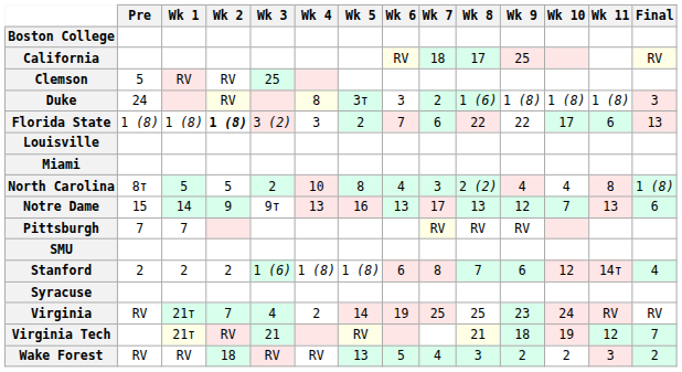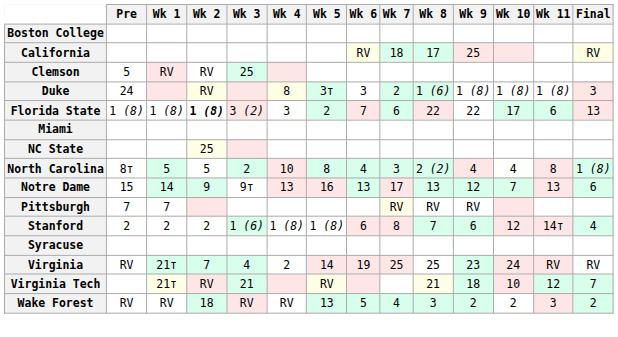 <table class="wikitable" style="white-space:nowrap;font-size:90%;">
 <tr>
 <th colspan=1 style="background:white; border-top-style:hidden; border-left-style:hidden;"> </th>
 <th>Pre <br></th>
 <th>Wk 1 <br></th>
 <th>Wk 2 <br></th>
 <th>Wk 3 <br></th>
 <th>Wk 4 <br></th>
 <th>Wk 5 <br></th>
 <th>Wk 6 <br></th>
 <th>Wk 7 <br></th>
 <th>Wk 8 <br></th>
 <th>Wk 9 <br></th>
 <th>Wk 10 <br></th>
 <th>Wk 11 <br></th>
 <th>Final <br></th>
 </tr>
 <tr style="text-align:center;">
 <th>Boston College</th>
 <td style="background:#FFF;"></td>
 <td style="background:#FFF;"></td>
 <td style="background:#FFF;"></td>
 <td style="background:#FFF;"></td>
 <td style="background:#FFF;"></td>
 <td style="background:#FFF;"></td>
 <td style="background:#FFF;"></td>
 <td style="background:#FFF;"></td>
 <td style="background:#FFF;"></td>
 <td style="background:#FFF;"></td>
 <td style="background:#FFF;"></td>
 <td style="background:#FFF;"></td>
 <td style="background:#FFF;"></td>
 </tr>
 <tr style="text-align:center;">
 <th>California</th>
 <td style="background:#FFF;"></td>
 <td style="background:#FFF;"></td>
 <td style="background:#FFF;"></td>
 <td style="background:#FFF;"></td>
 <td style="background:#FFF;"></td>
 <td style="background:#FFF;"></td>
 <td style="background:#FFFFE6;"> RV</td>
 <td style="background:#D8FFEB;"> 18</td>
 <td style="background:#D8FFEB;"> 17</td>
 <td style="background:#FFE6E6;"> 25</td>
 <td style="background:#FFE6E6;"></td>
 <td style="background:#FFF;"></td>
 <td style="background:#FFFFE6;"> RV</td>
 </tr>
 <tr style="text-align:center;">
 <th>Clemson</th>
 <td style="background:#FFF;"> 5</td>
 <td style="background:#FFE6E6;"> RV</td>
 <td style="background:#FFF;"> RV</td>
 <td style="background:#D8FFEB;"> 25</td>
 <td style="background:#FFE6E6;"></td>
 <td style="background:#FFF;"></td>
 <td style="background:#FFF;"></td>
 <td style="background:#FFF;"></td>
 <td style="background:#FFF;"></td>
 <td style="background:#FFF;"></td>
 <td style="background:#FFF;"></td>
 <td style="background:#FFF;"></td>
 <td style="background:#FFF;"></td>
 </tr>
 <tr style="text-align:center;">
 <th>Duke</th>
 <td style="background:#FFF;"> 24</td>
 <td style="background:#FFE6E6;"></td>
 <td style="background:#FFFFE6;"> RV</td>
 <td style="background:#FFE6E6;"></td>
 <td style="background:#FFFFE6;"> 8</td>
 <td style="background:#D8FFEB;"> 3т</td>
 <td style="background:#FFF;"> 3</td>
 <td style="background:#D8FFEB;"> 2</td>
 <td style="background:#D8FFEB;"> 1 <em>(6)</em></td>
 <td style="background:#FFF;"> 1 <em>(8)</em></td>
 <td style="background:#FFF;"> 1 <em>(8)</em></td>
 <td style="background:#FFF;"> 1 <em>(8)</em></td>
 <td style="background:#FFE6E6;"> 3</td>
 </tr>
 <tr style="text-align:center;">
 <th>Florida State</th>
 <td style="background:#FFF;"> 1 <em>(8)</em></td>
 <td style="background:#FFF;"> 1 <em>(8)</em></td>
 <td style="background:#FFF;"><strong> 1 <em>(8)</em></strong></td>
 <td style="background:#FFE6E6;"> 3 <em>(2)</em></td>
 <td style="background:#FFF;"> 3</td>
 <td style="background:#D8FFEB;"> 2</td>
 <td style="background:#FFE6E6;"> 7</td>
 <td style="background:#D8FFEB;"> 6</td>
 <td style="background:#FFE6E6;"> 22</td>
 <td style="background:#FFF;"> 22</td>
 <td style="background:#D8FFEB;"> 17</td>
 <td style="background:#D8FFEB;"> 6</td>
 <td style="background:#FFE6E6;"> 13</td>
 </tr>
 <tr style="text-align:center;">
-<th>Louisville</th>
+<th>Miami</th>
 <td style="background:#FFF;"></td>
 <td style="background:#FFF;"></td>
 <td style="background:#FFF;"></td>
 <td style="background:#FFF;"></td>
 <td style="background:#FFF;"></td>
 <td style="background:#FFF;"></td>
 <td style="background:#FFF;"></td>
 <td style="background:#FFF;"></td>
 <td style="background:#FFF;"></td>
 <td style="background:#FFF;"></td>
 <td style="background:#FFF;"></td>
 <td style="background:#FFF;"></td>
 <td style="background:#FFF;"></td>
 </tr>
 <tr style="text-align:center;">
-<th>Miami</th>
+<th>NC State</th>
 <td style="background:#FFF;"></td>
 <td style="background:#FFF;"></td>
-<td style="background:#FFF;"></td>
-<td style="background:#FFF;"></td>
+<td style="background:#FFFFE6;"> 25</td>
+<td style="background:#FFE6E6;"></td>
 <td style="background:#FFF;"></td>
 <td style="background:#FFF;"></td>
 <td style="background:#FFF;"></td>
 <td style="background:#FFF;"></td>
 <td style="background:#FFF;"></td>
 <td style="background:#FFF;"></td>
 <td style="background:#FFF;"></td>
 <td style="background:#FFF;"></td>
 <td style="background:#FFF;"></td>
 </tr>
 <tr style="text-align:center;">
 <th>North Carolina</th>
 <td style="background:#FFF;"> 8т</td>
 <td style="background:#D8FFEB;"> 5</td>
 <td style="background:#FFF;"> 5</td>
 <td style="background:#D8FFEB;"> 2</td>
 <td style="background:#FFE6E6;"> 10</td>
 <td style="background:#D8FFEB;"> 8</td>
 <td style="background:#D8FFEB;"> 4</td>
 <td style="background:#D8FFEB;"> 3</td>
 <td style="background:#D8FFEB;"> 2 <em>(2)</em></td>
 <td style="background:#FFE6E6;"> 4</td>
 <td style="background:#FFF;"> 4</td>
 <td style="background:#FFE6E6;"> 8</td>
 <td style="background:#D8FFEB;"> 1 <em>(8)</em></td>
 </tr>
 <tr style="text-align:center;">
 <th>Notre Dame</th>
 <td style="background:#FFF;"> 15</td>
 <td style="background:#D8FFEB;"> 14</td>
 <td style="background:#D8FFEB;"> 9</td>
 <td style="background:#FFF;"> 9т</td>
 <td style="background:#FFE6E6;"> 13</td>
 <td style="background:#FFE6E6;"> 16</td>
 <td style="background:#D8FFEB;"> 13</td>
 <td style="background:#FFE6E6;"> 17</td>
 <td style="background:#D8FFEB;"> 13</td>
 <td style="background:#D8FFEB;"> 12</td>
 <td style="background:#D8FFEB;"> 7</td>
 <td style="background:#FFE6E6;"> 13</td>
 <td style="background:#D8FFEB;"> 6</td>
 </tr>
 <tr style="text-align:center;">
 <th>Pittsburgh</th>
 <td style="background:#FFF;"> 7</td>
 <td style="background:#FFF;"> 7</td>
 <td style="background:#FFE6E6;"></td>
 <td style="background:#FFF;"></td>
 <td style="background:#FFF;"></td>
 <td style="background:#FFF;"></td>
 <td style="background:#FFF;"></td>
 <td style="background:#FFFFE6;"> RV</td>
 <td style="background:#FFF;"> RV</td>
 <td style="background:#FFF;"> RV</td>
 <td style="background:#FFE6E6;"></td>
-<td style="background:#FFF;"></td>
-<td style="background:#FFF;"></td>
-</tr>
-<tr style="text-align:center;">
-<th>SMU</th>
-<td style="background:#FFF;"></td>
-<td style="background:#FFF;"></td>
-<td style="background:#FFF;"></td>
-<td style="background:#FFF;"></td>
-<td style="background:#FFF;"></td>
-<td style="background:#FFF;"></td>
-<td style="background:#FFF;"></td>
-<td style="background:#FFF;"></td>
-<td style="background:#FFF;"></td>
-<td style="background:#FFF;"></td>
-<td style="background:#FFF;"></td>
 <td style="background:#FFF;"></td>
 <td style="background:#FFF;"></td>
 </tr>
 <tr style="text-align:center;">
 <th>Stanford</th>
 <td style="background:#FFF;"> 2</td>
 <td style="background:#FFF;"> 2</td>
 <td style="background:#FFF;"> 2</td>
 <td style="background:#D8FFEB;"> 1 <em>(6)</em></td>
 <td style="background:#FFF;"> 1 <em>(8)</em></td>
 <td style="background:#FFF;"> 1 <em>(8)</em></td>
 <td style="background:#FFE6E6;"> 6</td>
 <td style="background:#FFE6E6;"> 8</td>
 <td style="background:#D8FFEB;"> 7</td>
 <td style="background:#D8FFEB;"> 6</td>
 <td style="background:#FFE6E6;"> 12</td>
 <td style="background:#FFE6E6;"> 14т</td>
 <td style="background:#D8FFEB;"> 4</td>
 </tr>
 <tr style="text-align:center;">
 <th>Syracuse</th>
 <td style="background:#FFF;"></td>
 <td style="background:#FFF;"></td>
 <td style="background:#FFF;"></td>
 <td style="background:#FFF;"></td>
 <td style="background:#FFF;"></td>
 <td style="background:#FFF;"></td>
 <td style="background:#FFF;"></td>
 <td style="background:#FFF;"></td>
 <td style="background:#FFF;"></td>
 <td style="background:#FFF;"></td>
 <td style="background:#FFF;"></td>
 <td style="background:#FFF;"></td>
 <td style="background:#FFF;"></td>
 </tr>
 <tr style="text-align:center;">
 <th>Virginia</th>
 <td style="background:#FFF;"> RV</td>
 <td style="background:#D8FFEB;"> 21т</td>
 <td style="background:#D8FFEB;"> 7</td>
 <td style="background:#D8FFEB;"> 4</td>
 <td style="background:#FFF;"> 2</td>
 <td style="background:#FFE6E6;"> 14</td>
 <td style="background:#FFE6E6;"> 19</td>
 <td style="background:#FFE6E6;"> 25</td>
 <td style="background:#FFF;"> 25</td>
 <td style="background:#D8FFEB;"> 23</td>
 <td style="background:#FFE6E6;"> 24</td>
 <td style="background:#FFE6E6;"> RV</td>
 <td style="background:#FFF;"> RV</td>
 </tr>
 <tr style="text-align:center;">
 <th>Virginia Tech</th>
 <td style="background:#FFF;"></td>
 <td style="background:#FFFFE6;"> 21т</td>
 <td style="background:#FFE6E6;"> RV</td>
 <td style="background:#D8FFEB;"> 21</td>
 <td style="background:#FFE6E6;"></td>
 <td style="background:#FFFFE6;"> RV</td>
 <td style="background:#FFE6E6;"></td>
 <td style="background:#FFF;"></td>
 <td style="background:#FFFFE6;"> 21</td>
 <td style="background:#D8FFEB;"> 18</td>
-<td style="background:#FFE6E6;"> 19</td>
+<td style="background:#FFE6E6;"> 10</td>
 <td style="background:#D8FFEB;"> 12</td>
 <td style="background:#D8FFEB;"> 7</td>
 </tr>
 <tr style="text-align:center;">
 <th>Wake Forest</th>
 <td style="background:#FFF;"> RV</td>
 <td style="background:#FFF;"> RV</td>
 <td style="background:#D8FFEB;"> 18</td>
 <td style="background:#FFE6E6;"> RV</td>
 <td style="background:#FFF;"> RV</td>
 <td style="background:#D8FFEB;"> 13</td>
 <td style="background:#D8FFEB;"> 5</td>
 <td style="background:#D8FFEB;"> 4</td>
 <td style="background:#D8FFEB;"> 3</td>
 <td style="background:#D8FFEB;"> 2</td>
 <td style="background:#FFF;"> 2</td>
 <td style="background:#FFE6E6;"> 3</td>
 <td style="background:#D8FFEB;"> 2</td>
 </tr>
 </table>
